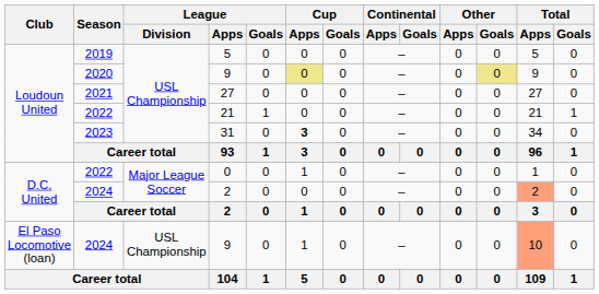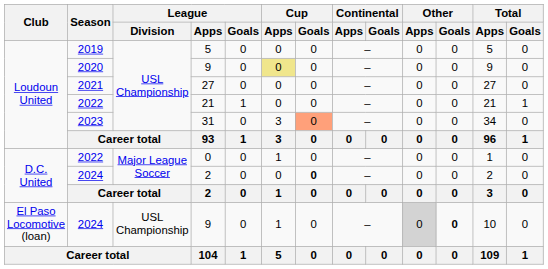 <table class="wikitable" style="text-align: center">
 <tr>
 <th rowspan="2">Club</th>
 <th rowspan="2">Season</th>
 <th colspan="3">League</th>
 <th colspan="2">Cup</th>
 <th colspan="2">Continental</th>
 <th colspan="2">Other</th>
 <th colspan="2">Total</th>
 </tr>
 <tr>
 <th>Division</th>
 <th>Apps</th>
 <th>Goals</th>
 <th>Apps</th>
 <th>Goals</th>
 <th>Apps</th>
 <th>Goals</th>
 <th>Apps</th>
 <th>Goals</th>
 <th>Apps</th>
 <th>Goals</th>
 </tr>
 <tr>
 <td rowspan=6><a href='#'>Loudoun United</a></td>
 <td><a href='#'>2019</a></td>
 <td rowspan=5><a href='#'>USL Championship</a></td>
 <td>5</td>
 <td>0</td>
 <td>0</td>
 <td>0</td>
 <td colspan="2">–</td>
 <td>0</td>
 <td>0</td>
 <td>5</td>
 <td>0</td>
 </tr>
 <tr>
 <td><a href='#'>2020</a></td>
 <td>9</td>
 <td>0</td>
 <td style="background: khaki;">0</td>
 <td>0</td>
 <td colspan="2">–</td>
 <td>0</td>
-<td style="background: khaki;">0</td>
+<td>0</td>
 <td>9</td>
 <td>0</td>
 </tr>
 <tr>
 <td><a href='#'>2021</a></td>
 <td>27</td>
 <td>0</td>
 <td>0</td>
 <td>0</td>
 <td colspan="2">–</td>
 <td>0</td>
 <td>0</td>
 <td>27</td>
 <td>0</td>
 </tr>
 <tr>
 <td><a href='#'>2022</a></td>
 <td>21</td>
 <td>1</td>
 <td>0</td>
 <td>0</td>
 <td colspan="2">–</td>
 <td>0</td>
 <td>0</td>
 <td>21</td>
 <td>1</td>
 </tr>
 <tr>
 <td><a href='#'>2023</a></td>
 <td>31</td>
 <td>0</td>
-<td><strong>3</strong></td>
-<td>0</td>
+<td>3</td>
+<td style="background: lightsalmon;">0</td>
 <td colspan="2">–</td>
 <td>0</td>
 <td>0</td>
 <td>34</td>
 <td>0</td>
 </tr>
 <tr>
 <th colspan="2"><strong>Career total</strong></th>
 <th>93</th>
 <th>1</th>
 <th>3</th>
 <th>0</th>
 <th>0</th>
 <th>0</th>
 <th>0</th>
 <th>0</th>
 <th>96</th>
 <th>1</th>
 </tr>
 <tr>
 <td rowspan=3><a href='#'>D.C. United</a></td>
 <td><a href='#'>2022</a></td>
 <td rowspan=2><a href='#'>Major League Soccer</a></td>
 <td>0</td>
 <td>0</td>
 <td>1</td>
 <td>0</td>
 <td colspan="2">–</td>
 <td>0</td>
 <td>0</td>
 <td>1</td>
 <td>0</td>
 </tr>
 <tr>
 <td><a href='#'>2024</a></td>
 <td>2</td>
 <td>0</td>
 <td>0</td>
-<td>0</td>
+<td><strong>0</strong></td>
 <td colspan="2">–</td>
 <td>0</td>
 <td>0</td>
-<td style="background: lightsalmon;">2</td>
+<td>2</td>
 <td>0</td>
 </tr>
 <tr>
 <th colspan="2"><strong>Career total</strong></th>
 <th>2</th>
 <th>0</th>
 <th>1</th>
 <th>0</th>
 <th>0</th>
 <th>0</th>
 <th>0</th>
 <th>0</th>
 <th>3</th>
 <th>0</th>
 </tr>
 <tr>
 <td><a href='#'>El Paso Locomotive</a> (loan)</td>
 <td><a href='#'>2024</a></td>
 <td>USL Championship</td>
 <td>9</td>
 <td>0</td>
 <td>1</td>
 <td>0</td>
 <td colspan="2">–</td>
-<td>0</td>
-<td>0</td>
-<td style="background: lightsalmon;">10</td>
+<td style="background: lightgrey;">0</td>
+<td><strong>0</strong></td>
+<td>10</td>
 <td>0</td>
 </tr>
 <tr>
 <th colspan="3"><strong>Career total</strong></th>
 <th>104</th>
 <th>1</th>
 <th>5</th>
 <th>0</th>
 <th>0</th>
 <th>0</th>
 <th>0</th>
 <th>0</th>
 <th>109</th>
 <th>1</th>
 </tr>
 </table>
